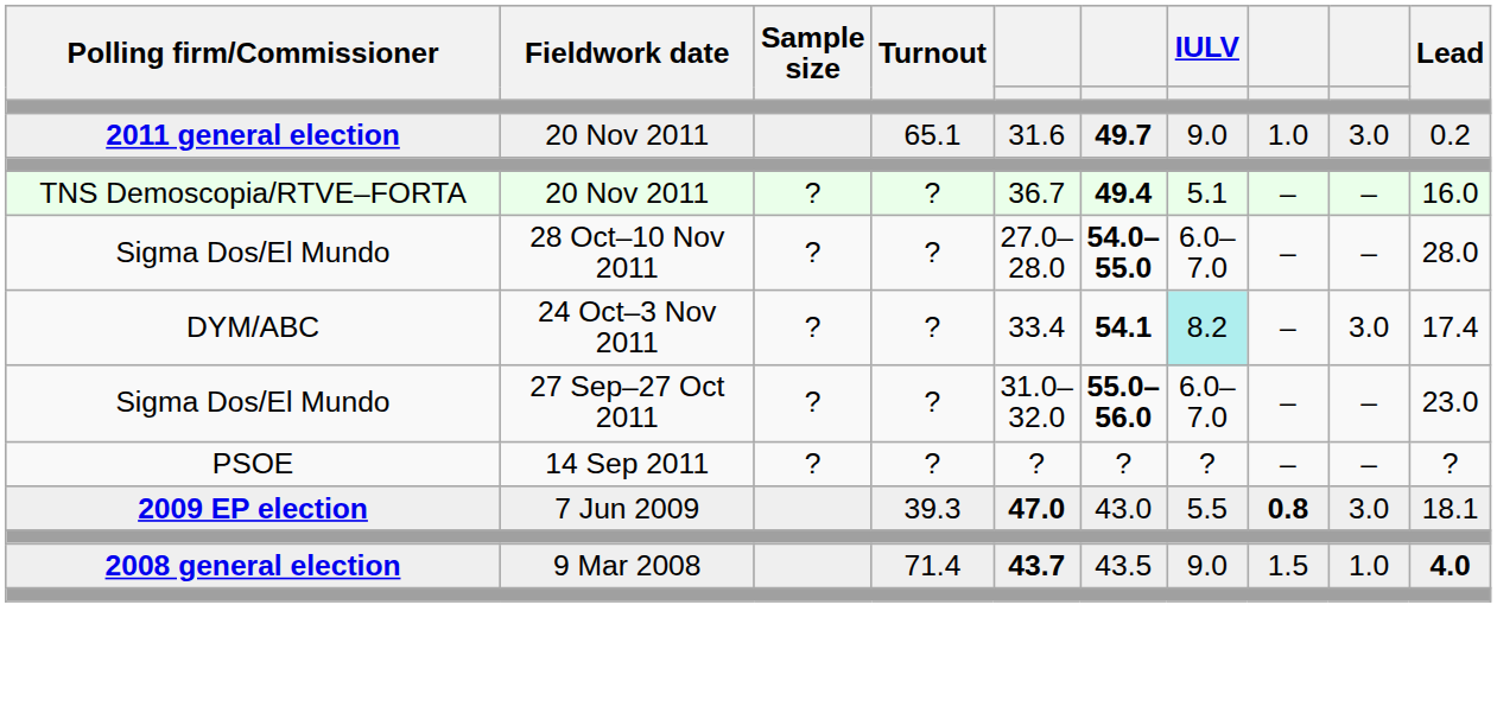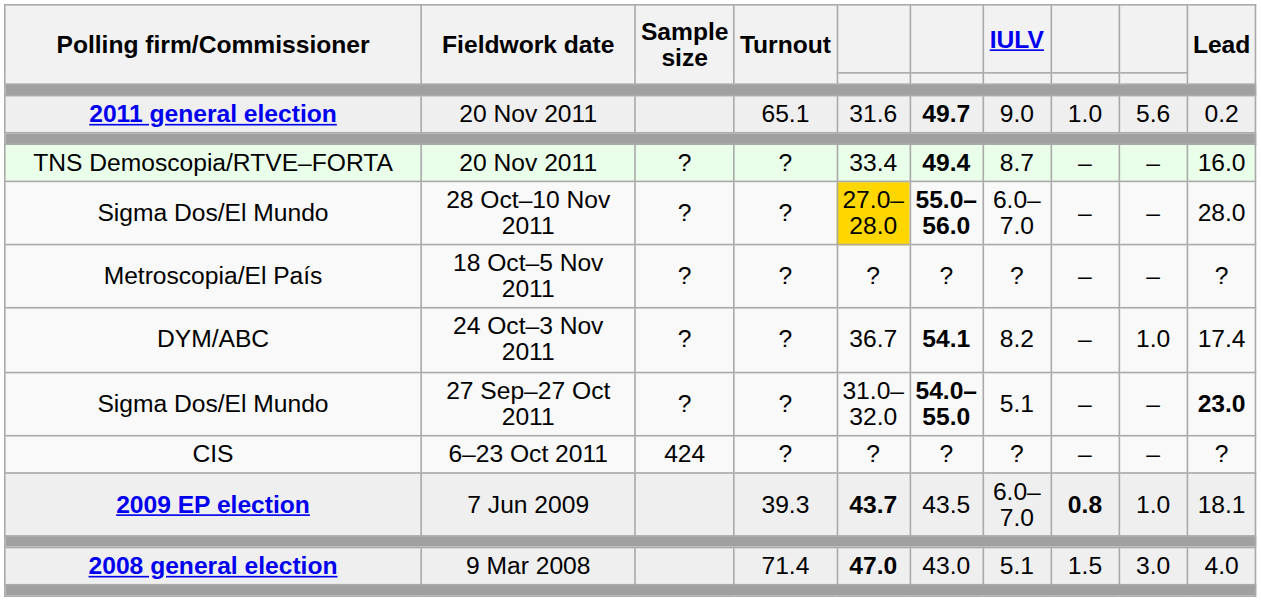 <table class="wikitable collapsible collapsed" style="text-align:center; font-size:95%; line-height:16px;">
 <tr style="height:42px;">
 <th style="width:250px;" rowspan="2">Polling firm/Commissioner</th>
 <th style="width:125px;" rowspan="2">Fieldwork date</th>
 <th style="width:50px;" rowspan="2">Sample size</th>
 <th style="width:45px;" rowspan="2">Turnout</th>
 <th style="width:35px;"></th>
 <th style="width:35px;"></th>
 <th style="width:35px;"><a href='#'>IULV</a></th>
 <th style="width:35px;"></th>
 <th style="width:35px;"></th>
 <th style="width:30px;" rowspan="2">Lead</th>
 </tr>
 <tr>
 <th style="color:inherit;background:"></th>
 <th style="color:inherit;background:"></th>
 <th style="color:inherit;background:"></th>
 <th style="color:inherit;background:"></th>
 <th style="color:inherit;background:"></th>
 </tr>
 <tr>
 <td colspan="10" style="background:#A0A0A0"></td>
 </tr>
 <tr style="background:#EFEFEF;">
 <td><strong><a href='#'>2011 general election</a></strong></td>
 <td>20 Nov 2011</td>
 <td></td>
 <td>65.1</td>
 <td>31.6<br></td>
 <td><strong>49.7</strong><br></td>
 <td>9.0<br></td>
 <td>1.0<br></td>
-<td>3.0<br></td>
+<td>5.6<br></td>
 <td style="background:">0.2</td>
 </tr>
 <tr>
 <td colspan="10" style="background:#A0A0A0"></td>
 </tr>
 <tr style="background:#EAFFEA;">
 <td>TNS Demoscopia/RTVE–FORTA</td>
 <td>20 Nov 2011</td>
 <td>?</td>
 <td>?</td>
-<td>36.7<br></td>
+<td>33.4<br></td>
 <td><strong>49.4</strong><br></td>
-<td>5.1<br></td>
+<td>8.7<br></td>
 <td>–</td>
 <td>–</td>
 <td style="background:">16.0</td>
 </tr>
 <tr>
 <td>Sigma Dos/El Mundo</td>
 <td>28 Oct–10 Nov 2011</td>
 <td>?</td>
 <td>?</td>
-<td>27.0–<br>28.0<br></td>
-<td><strong>54.0–<br>55.0</strong><br></td>
+<td style="background: gold;">27.0–<br>28.0<br></td>
+<td><strong>55.0–<br>56.0</strong><br></td>
 <td>6.0–<br>7.0<br></td>
 <td>–</td>
 <td>–</td>
 <td style="background:">28.0</td>
 </tr>
 <tr>
+<td>Metroscopia/El País</td>
+<td>18 Oct–5 Nov 2011</td>
+<td>?</td>
+<td>?</td>
+<td>?<br></td>
+<td>?<br></td>
+<td>?<br></td>
+<td>–</td>
+<td>–</td>
+<td style="background:">?</td>
+</tr>
+<tr>
 <td>DYM/ABC</td>
 <td>24 Oct–3 Nov 2011</td>
 <td>?</td>
 <td>?</td>
-<td>33.4<br></td>
+<td>36.7<br></td>
 <td><strong>54.1</strong><br></td>
-<td style="background: paleturquoise;">8.2<br></td>
+<td>8.2<br></td>
 <td>–</td>
-<td>3.0<br></td>
+<td>1.0<br></td>
 <td style="background:">17.4</td>
 </tr>
 <tr>
 <td>Sigma Dos/El Mundo</td>
 <td>27 Sep–27 Oct 2011</td>
 <td>?</td>
 <td>?</td>
 <td>31.0–<br>32.0<br></td>
-<td><strong>55.0–<br>56.0</strong><br></td>
-<td>6.0–<br>7.0<br></td>
+<td><strong>54.0–<br>55.0</strong><br></td>
+<td>5.1<br></td>
 <td>–</td>
 <td>–</td>
-<td style="background:">23.0</td>
+<td style="background:"><strong>23.0</strong></td>
 </tr>
 <tr>
-<td>PSOE</td>
-<td>14 Sep 2011</td>
-<td>?</td>
+<td>CIS</td>
+<td>6–23 Oct 2011</td>
+<td>424</td>
 <td>?</td>
 <td>?<br></td>
 <td>?<br></td>
 <td>?<br></td>
 <td>–</td>
 <td>–</td>
 <td style="background:">?</td>
 </tr>
 <tr style="background:#EFEFEF;">
 <td><strong><a href='#'>2009 EP election</a></strong></td>
 <td>7 Jun 2009</td>
 <td></td>
 <td>39.3</td>
-<td><strong>47.0</strong><br></td>
-<td>43.0<br></td>
-<td>5.5<br></td>
+<td><strong>43.7</strong><br></td>
+<td>43.5<br></td>
+<td>6.0–<br>7.0<br></td>
 <td><strong>0.8<br></strong></td>
-<td>3.0<br></td>
+<td>1.0<br></td>
 <td style="background:">18.1</td>
 </tr>
 <tr>
 <td colspan="10" style="background:#A0A0A0"></td>
 </tr>
 <tr style="background:#EFEFEF;">
 <td><strong><a href='#'>2008 general election</a></strong></td>
 <td>9 Mar 2008</td>
 <td></td>
 <td>71.4</td>
-<td><strong>43.7</strong><br></td>
-<td>43.5<br></td>
-<td>9.0<br></td>
+<td><strong>47.0</strong><br></td>
+<td>43.0<br></td>
+<td>5.1<br></td>
 <td>1.5<br></td>
-<td>1.0<br></td>
-<td style="background:"><strong>4.0</strong></td>
+<td>3.0<br></td>
+<td style="background:">4.0</td>
 </tr>
 <tr>
 <td colspan="10" style="background:#A0A0A0"></td>
 </tr>
 </table>
